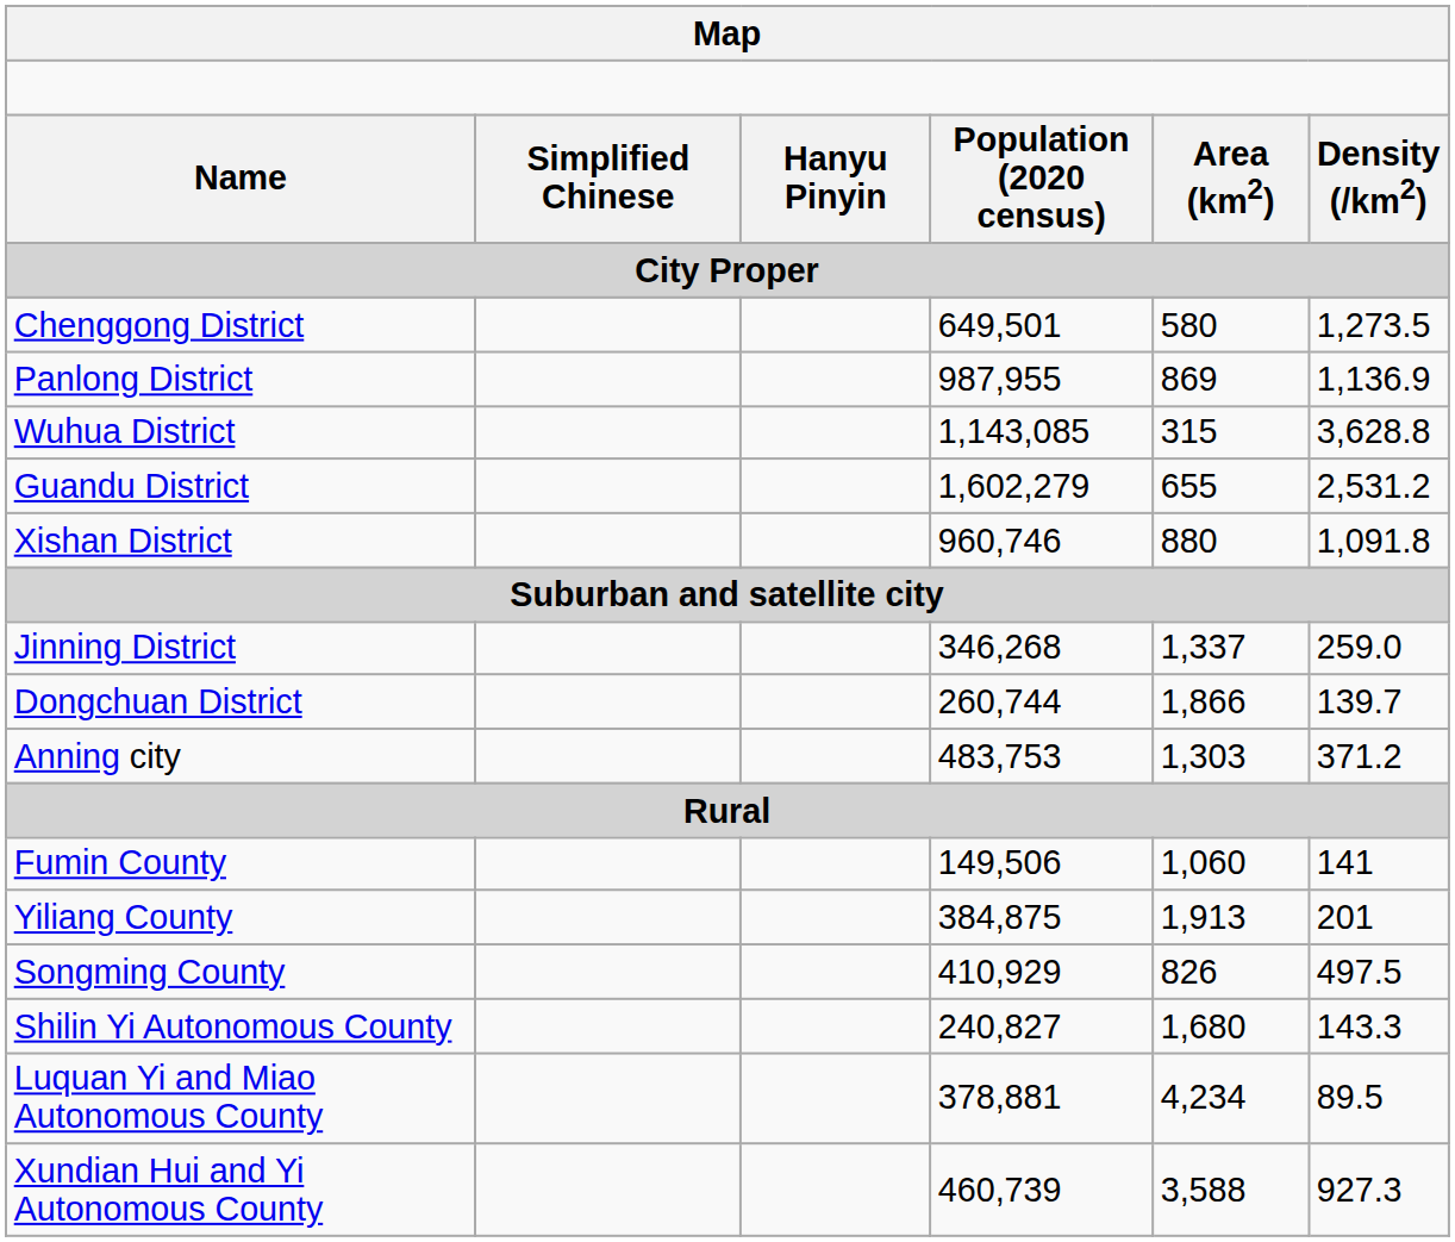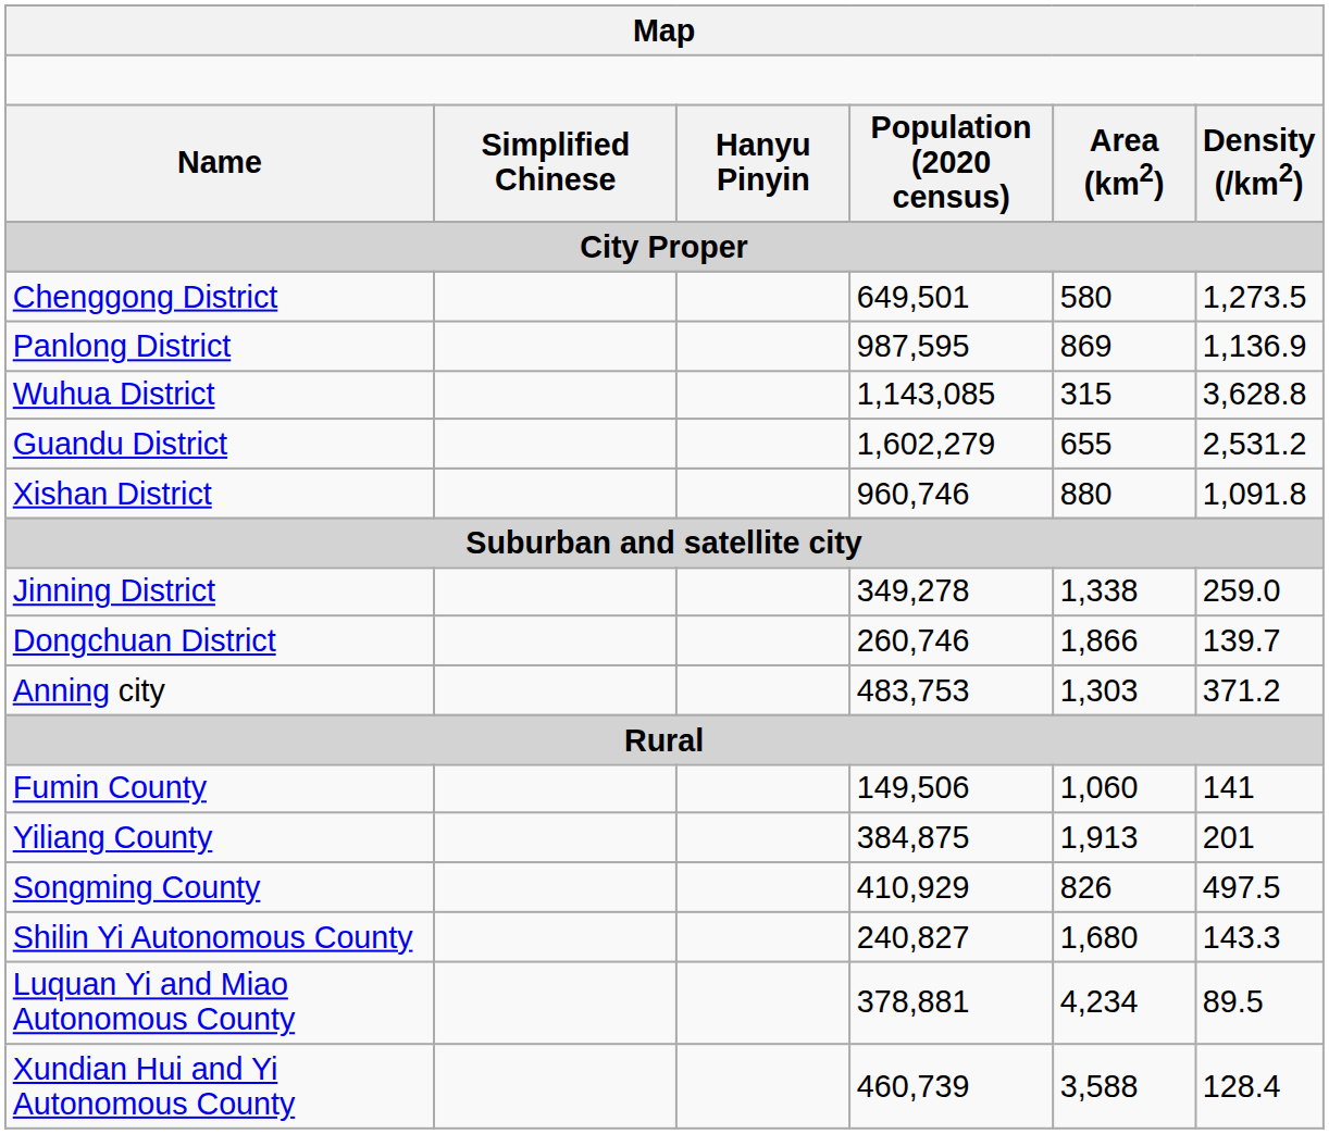 <table class="wikitable" style="font-size:90%;">
 <tr>
 <th colspan="6">Map</th>
 </tr>
 <tr>
 <td colspan="6"><div><br>                 </div></td>
 </tr>
 <tr>
 <th>Name</th>
 <th>Simplified Chinese</th>
 <th>Hanyu Pinyin</th>
 <th>Population<br>(2020 census)</th>
 <th>Area (km<sup>2</sup>)</th>
 <th>Density<br>(/km<sup>2</sup>)</th>
 </tr>
 <tr>
 <td colspan="7" style="text-align:center; background:#d3d3d3;"><strong>City Proper</strong></td>
 </tr>
 <tr>
 <td><a href='#'>Chenggong District</a></td>
 <td></td>
 <td></td>
 <td>649,501</td>
 <td>580</td>
 <td>1,273.5</td>
 </tr>
 <tr>
 <td><a href='#'>Panlong District</a></td>
 <td></td>
 <td></td>
-<td>987,955</td>
+<td>987,595</td>
 <td>869</td>
 <td>1,136.9</td>
 </tr>
 <tr>
 <td><a href='#'>Wuhua District</a></td>
 <td></td>
 <td></td>
 <td>1,143,085</td>
 <td>315</td>
 <td>3,628.8</td>
 </tr>
 <tr>
 <td><a href='#'>Guandu District</a></td>
 <td></td>
 <td></td>
 <td>1,602,279</td>
 <td>655</td>
 <td>2,531.2</td>
 </tr>
 <tr>
 <td><a href='#'>Xishan District</a></td>
 <td></td>
 <td></td>
 <td>960,746</td>
 <td>880</td>
 <td>1,091.8</td>
 </tr>
 <tr>
 <td colspan="7" style="text-align:center; background:#d3d3d3;"><strong>Suburban and satellite city</strong></td>
 </tr>
 <tr>
 <td><a href='#'>Jinning District</a></td>
 <td></td>
 <td></td>
-<td>346,268</td>
-<td>1,337</td>
+<td>349,278</td>
+<td>1,338</td>
 <td>259.0</td>
 </tr>
 <tr>
 <td><a href='#'>Dongchuan District</a></td>
 <td></td>
 <td></td>
-<td>260,744</td>
+<td>260,746</td>
 <td>1,866</td>
 <td>139.7</td>
 </tr>
 <tr>
 <td><a href='#'>Anning</a> city</td>
 <td></td>
 <td></td>
 <td>483,753</td>
 <td>1,303</td>
 <td>371.2</td>
 </tr>
 <tr>
 <td colspan="7" style="text-align:center; background:#d3d3d3;"><strong>Rural</strong></td>
 </tr>
 <tr>
 <td><a href='#'>Fumin County</a></td>
 <td></td>
 <td></td>
 <td>149,506</td>
 <td>1,060</td>
 <td>141</td>
 </tr>
 <tr>
 <td><a href='#'>Yiliang County</a></td>
 <td></td>
 <td></td>
 <td>384,875</td>
 <td>1,913</td>
 <td>201</td>
 </tr>
 <tr>
 <td><a href='#'>Songming County</a></td>
 <td></td>
 <td></td>
 <td>410,929</td>
 <td>826</td>
 <td>497.5</td>
 </tr>
 <tr>
 <td><a href='#'>Shilin Yi Autonomous County</a></td>
 <td></td>
 <td></td>
 <td>240,827</td>
 <td>1,680</td>
 <td>143.3</td>
 </tr>
 <tr>
 <td><a href='#'>Luquan Yi and Miao Autonomous County</a></td>
 <td></td>
 <td></td>
 <td>378,881</td>
 <td>4,234</td>
 <td>89.5</td>
 </tr>
 <tr>
 <td><a href='#'>Xundian Hui and Yi Autonomous County</a></td>
 <td></td>
 <td></td>
 <td>460,739</td>
 <td>3,588</td>
-<td>927.3</td>
+<td>128.4</td>
 </tr>
 </table>
